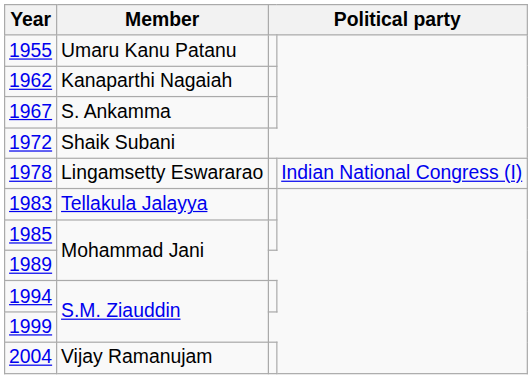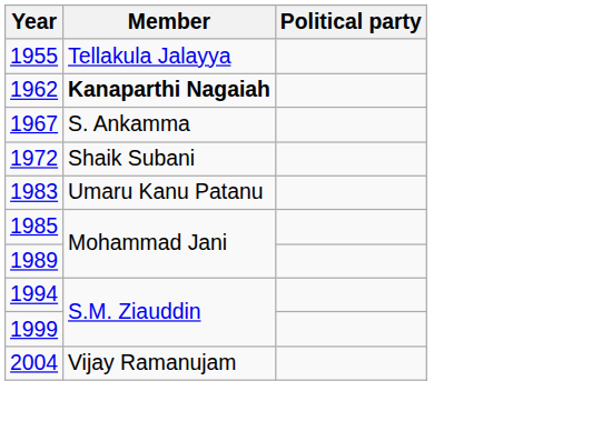 <table class="wikitable sortable">
 <tr>
 <th>Year</th>
 <th>Member</th>
 <th colspan="2">Political party</th>
 </tr>
 <tr>
 <td><a href='#'>1955</a></td>
-<td>Umaru Kanu Patanu</td>
+<td><a href='#'>Tellakula Jalayya</a></td>
 <td></td>
 </tr>
 <tr>
 <td><a href='#'>1962</a></td>
-<td>Kanaparthi Nagaiah</td>
+<td><strong>Kanaparthi Nagaiah</strong></td>
 <td></td>
 </tr>
 <tr>
 <td><a href='#'>1967</a></td>
 <td>S. Ankamma</td>
 <td></td>
 </tr>
 <tr>
 <td><a href='#'>1972</a></td>
 <td>Shaik Subani</td>
 </tr>
 <tr>
-<td><a href='#'>1978</a></td>
-<td>Lingamsetty Eswararao</td>
-<td style="background-color: "></td>
-<td><a href='#'>Indian National Congress (I)</a></td>
-</tr>
-<tr>
 <td><a href='#'>1983</a></td>
-<td><a href='#'>Tellakula Jalayya</a></td>
+<td>Umaru Kanu Patanu</td>
 <td></td>
 </tr>
 <tr>
 <td><a href='#'>1985</a></td>
 <td rowspan=2>Mohammad Jani</td>
 <td></td>
 </tr>
 <tr>
 <td><a href='#'>1989</a></td>
 </tr>
 <tr>
 <td><a href='#'>1994</a></td>
 <td rowspan=2><a href='#'>S.M. Ziauddin</a></td>
 <td></td>
 </tr>
 <tr>
 <td><a href='#'>1999</a></td>
 </tr>
 <tr>
 <td><a href='#'>2004</a></td>
 <td>Vijay Ramanujam</td>
 <td></td>
 </tr>
 </table>
